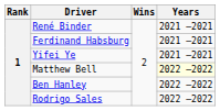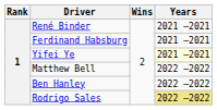 <table class="wikitable">
 <tr>
 <th>Rank</th>
 <th>Driver</th>
 <th>Wins</th>
 <th>Years</th>
 </tr>
 <tr>
 <th rowspan="6">1</th>
 <td> <a href='#'>René Binder</a></td>
 <td rowspan="6" align="center">2</td>
 <td>2021 –2021 </td>
 </tr>
 <tr>
 <td> <a href='#'>Ferdinand Habsburg</a></td>
 <td>2021 –2021 </td>
 </tr>
 <tr>
 <td> <a href='#'>Yifei Ye</a></td>
-<td>2021 –2021 </td>
+<td style="background: lightyellow;">2021 –2021 </td>
 </tr>
 <tr>
 <td> Matthew Bell</td>
-<td style="background: lightyellow;">2022 –2022 </td>
+<td>2022 –2022 </td>
 </tr>
 <tr>
 <td> <a href='#'>Ben Hanley</a></td>
 <td>2022 –2022 </td>
 </tr>
 <tr>
 <td> <a href='#'>Rodrigo Sales</a></td>
-<td>2022 –2022 </td>
+<td style="background: khaki;">2022 –2022 </td>
 </tr>
 </table>
